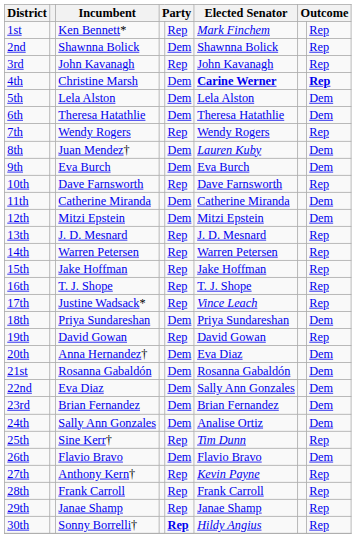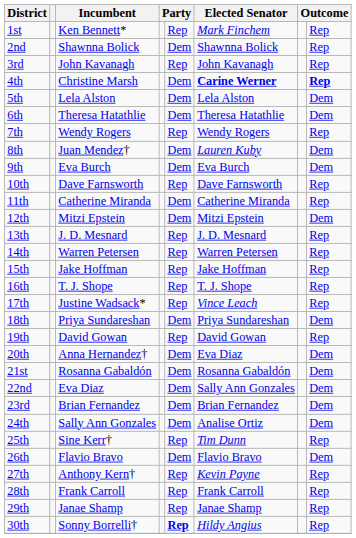 <table class="sortable wikitable" style="font-size:95%;line-height:14px;">
 <tr>
 <th>District</th>
 <th></th>
 <th>Incumbent</th>
 <th colspan="2">Party</th>
 <th>Elected Senator</th>
 <th colspan="2">Outcome</th>
 </tr>
 <tr>
 <td><a href='#'>1st</a></td>
 <td></td>
 <td><a href='#'>Ken Bennett</a>*</td>
 <td style="background:"></td>
 <td><a href='#'>Rep</a></td>
 <td><em><a href='#'>Mark Finchem</a></em></td>
 <td style="background:"></td>
 <td><a href='#'>Rep</a></td>
 </tr>
 <tr>
 <td><a href='#'>2nd</a></td>
 <td></td>
 <td><a href='#'>Shawnna Bolick</a></td>
 <td style="background:"></td>
 <td><a href='#'>Dem</a></td>
 <td><a href='#'>Shawnna Bolick</a></td>
 <td style="background:"></td>
 <td><a href='#'>Rep</a></td>
 </tr>
 <tr>
 <td><a href='#'>3rd</a></td>
 <td></td>
 <td><a href='#'>John Kavanagh</a></td>
 <td style="background:"></td>
 <td><a href='#'>Rep</a></td>
 <td><a href='#'>John Kavanagh</a></td>
 <td style="background:"></td>
 <td><a href='#'>Rep</a></td>
 </tr>
 <tr>
 <td><a href='#'>4th</a></td>
 <td></td>
 <td><a href='#'>Christine Marsh</a></td>
 <td style="background:"></td>
 <td><a href='#'>Dem</a></td>
 <td><strong><a href='#'>Carine Werner</a></strong></td>
 <td style="background:"></td>
 <td><strong><a href='#'>Rep</a></strong></td>
 </tr>
 <tr>
 <td><a href='#'>5th</a></td>
 <td></td>
 <td><a href='#'>Lela Alston</a></td>
 <td style="background:"></td>
 <td><a href='#'>Dem</a></td>
 <td><a href='#'>Lela Alston</a></td>
 <td style="background:"></td>
 <td><a href='#'>Dem</a></td>
 </tr>
 <tr>
 <td><a href='#'>6th</a></td>
 <td></td>
 <td><a href='#'>Theresa Hatathlie</a></td>
 <td style="background:"></td>
 <td><a href='#'>Dem</a></td>
 <td><a href='#'>Theresa Hatathlie</a></td>
 <td style="background:"></td>
 <td><a href='#'>Dem</a></td>
 </tr>
 <tr>
 <td><a href='#'>7th</a></td>
 <td></td>
 <td><a href='#'>Wendy Rogers</a></td>
 <td style="background:"></td>
 <td><a href='#'>Rep</a></td>
 <td><a href='#'>Wendy Rogers</a></td>
 <td style="background:"></td>
 <td><a href='#'>Rep</a></td>
 </tr>
 <tr>
 <td><a href='#'>8th</a></td>
 <td></td>
 <td><a href='#'>Juan Mendez</a>†</td>
 <td style="background:"></td>
 <td><a href='#'>Dem</a></td>
 <td><em><a href='#'>Lauren Kuby</a></em></td>
 <td style="background:"></td>
 <td><a href='#'>Dem</a></td>
 </tr>
 <tr>
 <td><a href='#'>9th</a></td>
 <td></td>
 <td><a href='#'>Eva Burch</a></td>
 <td style="background:"></td>
 <td><a href='#'>Dem</a></td>
 <td><a href='#'>Eva Burch</a></td>
 <td style="background:"></td>
 <td><a href='#'>Dem</a></td>
 </tr>
 <tr>
 <td><a href='#'>10th</a></td>
 <td></td>
 <td><a href='#'>Dave Farnsworth</a></td>
 <td style="background:"></td>
 <td><a href='#'>Rep</a></td>
 <td><a href='#'>Dave Farnsworth</a></td>
 <td style="background:"></td>
 <td><a href='#'>Rep</a></td>
 </tr>
 <tr>
 <td><a href='#'>11th</a></td>
 <td></td>
 <td><a href='#'>Catherine Miranda</a></td>
 <td style="background:"></td>
 <td><a href='#'>Dem</a></td>
 <td><a href='#'>Catherine Miranda</a></td>
 <td style="background:"></td>
-<td><a href='#'>Dem</a></td>
+<td><a href='#'>Rep</a></td>
 </tr>
 <tr>
 <td><a href='#'>12th</a></td>
 <td></td>
 <td><a href='#'>Mitzi Epstein</a></td>
 <td style="background:"></td>
 <td><a href='#'>Dem</a></td>
 <td><a href='#'>Mitzi Epstein</a></td>
 <td style="background:"></td>
 <td><a href='#'>Dem</a></td>
 </tr>
 <tr>
 <td><a href='#'>13th</a></td>
 <td></td>
 <td><a href='#'>J. D. Mesnard</a></td>
 <td style="background:"></td>
 <td><a href='#'>Rep</a></td>
 <td><a href='#'>J. D. Mesnard</a></td>
 <td style="background:"></td>
 <td><a href='#'>Rep</a></td>
 </tr>
 <tr>
 <td><a href='#'>14th</a></td>
 <td></td>
 <td><a href='#'>Warren Petersen</a></td>
 <td style="background:"></td>
 <td><a href='#'>Rep</a></td>
 <td><a href='#'>Warren Petersen</a></td>
 <td style="background:"></td>
 <td><a href='#'>Rep</a></td>
 </tr>
 <tr>
 <td><a href='#'>15th</a></td>
 <td></td>
 <td><a href='#'>Jake Hoffman</a></td>
 <td style="background:"></td>
 <td><a href='#'>Rep</a></td>
 <td><a href='#'>Jake Hoffman</a></td>
 <td style="background:"></td>
 <td><a href='#'>Rep</a></td>
 </tr>
 <tr>
 <td><a href='#'>16th</a></td>
 <td></td>
 <td><a href='#'>T. J. Shope</a></td>
 <td style="background:"></td>
 <td><a href='#'>Rep</a></td>
 <td><a href='#'>T. J. Shope</a></td>
 <td style="background:"></td>
 <td><a href='#'>Rep</a></td>
 </tr>
 <tr>
 <td><a href='#'>17th</a></td>
 <td></td>
 <td><a href='#'>Justine Wadsack</a>*</td>
 <td style="background:"></td>
 <td><a href='#'>Rep</a></td>
 <td><em><a href='#'>Vince Leach</a></em></td>
 <td style="background:"></td>
 <td><a href='#'>Rep</a></td>
 </tr>
 <tr>
 <td><a href='#'>18th</a></td>
 <td></td>
 <td><a href='#'>Priya Sundareshan</a></td>
 <td style="background:"></td>
 <td><a href='#'>Dem</a></td>
 <td><a href='#'>Priya Sundareshan</a></td>
 <td style="background:"></td>
 <td><a href='#'>Dem</a></td>
 </tr>
 <tr>
 <td><a href='#'>19th</a></td>
 <td></td>
 <td><a href='#'>David Gowan</a></td>
 <td style="background:"></td>
 <td><a href='#'>Rep</a></td>
 <td><a href='#'>David Gowan</a></td>
 <td style="background:"></td>
 <td><a href='#'>Rep</a></td>
 </tr>
 <tr>
 <td><a href='#'>20th</a></td>
 <td></td>
 <td><a href='#'>Anna Hernandez</a>†</td>
 <td style="background:"></td>
 <td><a href='#'>Dem</a></td>
 <td><a href='#'>Eva Diaz</a></td>
 <td style="background:"></td>
 <td><a href='#'>Dem</a></td>
 </tr>
 <tr>
 <td><a href='#'>21st</a></td>
 <td></td>
 <td><a href='#'>Rosanna Gabaldón</a></td>
 <td style="background:"></td>
 <td><a href='#'>Dem</a></td>
 <td><a href='#'>Rosanna Gabaldón</a></td>
 <td style="background:"></td>
 <td><a href='#'>Dem</a></td>
 </tr>
 <tr>
 <td><a href='#'>22nd</a></td>
 <td></td>
 <td><a href='#'>Eva Diaz</a></td>
 <td style="background:"></td>
 <td><a href='#'>Dem</a></td>
 <td><a href='#'>Sally Ann Gonzales</a></td>
 <td style="background:"></td>
 <td><a href='#'>Dem</a></td>
 </tr>
 <tr>
 <td><a href='#'>23rd</a></td>
 <td></td>
 <td><a href='#'>Brian Fernandez</a></td>
 <td style="background:"></td>
 <td><a href='#'>Dem</a></td>
 <td><a href='#'>Brian Fernandez</a></td>
 <td style="background:"></td>
 <td><a href='#'>Dem</a></td>
 </tr>
 <tr>
 <td><a href='#'>24th</a></td>
 <td></td>
 <td><a href='#'>Sally Ann Gonzales</a></td>
 <td style="background:"></td>
 <td><a href='#'>Dem</a></td>
 <td><a href='#'>Analise Ortiz</a></td>
 <td style="background:"></td>
 <td><a href='#'>Dem</a></td>
 </tr>
 <tr>
 <td><a href='#'>25th</a></td>
 <td></td>
 <td><a href='#'>Sine Kerr</a>†</td>
 <td style="background:"></td>
 <td><a href='#'>Rep</a></td>
 <td><em><a href='#'>Tim Dunn</a></em></td>
 <td style="background:"></td>
 <td><a href='#'>Rep</a></td>
 </tr>
 <tr>
 <td><a href='#'>26th</a></td>
 <td></td>
 <td><a href='#'>Flavio Bravo</a></td>
 <td style="background:"></td>
 <td><a href='#'>Dem</a></td>
 <td><a href='#'>Flavio Bravo</a></td>
 <td style="background:"></td>
 <td><a href='#'>Dem</a></td>
 </tr>
 <tr>
 <td><a href='#'>27th</a></td>
 <td></td>
 <td><a href='#'>Anthony Kern</a>†</td>
 <td style="background:"></td>
 <td><a href='#'>Rep</a></td>
 <td><em><a href='#'>Kevin Payne</a></em></td>
 <td style="background:"></td>
 <td><a href='#'>Rep</a></td>
 </tr>
 <tr>
 <td><a href='#'>28th</a></td>
 <td></td>
 <td><a href='#'>Frank Carroll</a></td>
 <td style="background:"></td>
 <td><a href='#'>Rep</a></td>
 <td><a href='#'>Frank Carroll</a></td>
 <td style="background:"></td>
 <td><a href='#'>Rep</a></td>
 </tr>
 <tr>
 <td><a href='#'>29th</a></td>
 <td></td>
 <td><a href='#'>Janae Shamp</a></td>
 <td style="background:"></td>
 <td><a href='#'>Rep</a></td>
 <td><a href='#'>Janae Shamp</a></td>
 <td style="background:"></td>
 <td><a href='#'>Rep</a></td>
 </tr>
 <tr>
 <td><a href='#'>30th</a></td>
 <td></td>
 <td><a href='#'>Sonny Borrelli</a>†</td>
 <td style="background:"></td>
 <td><strong><a href='#'>Rep</a></strong></td>
 <td><em><a href='#'>Hildy Angius</a></em></td>
 <td style="background:"></td>
 <td><a href='#'>Rep</a></td>
 </tr>
 <tr>
 </tr>
 </table>
